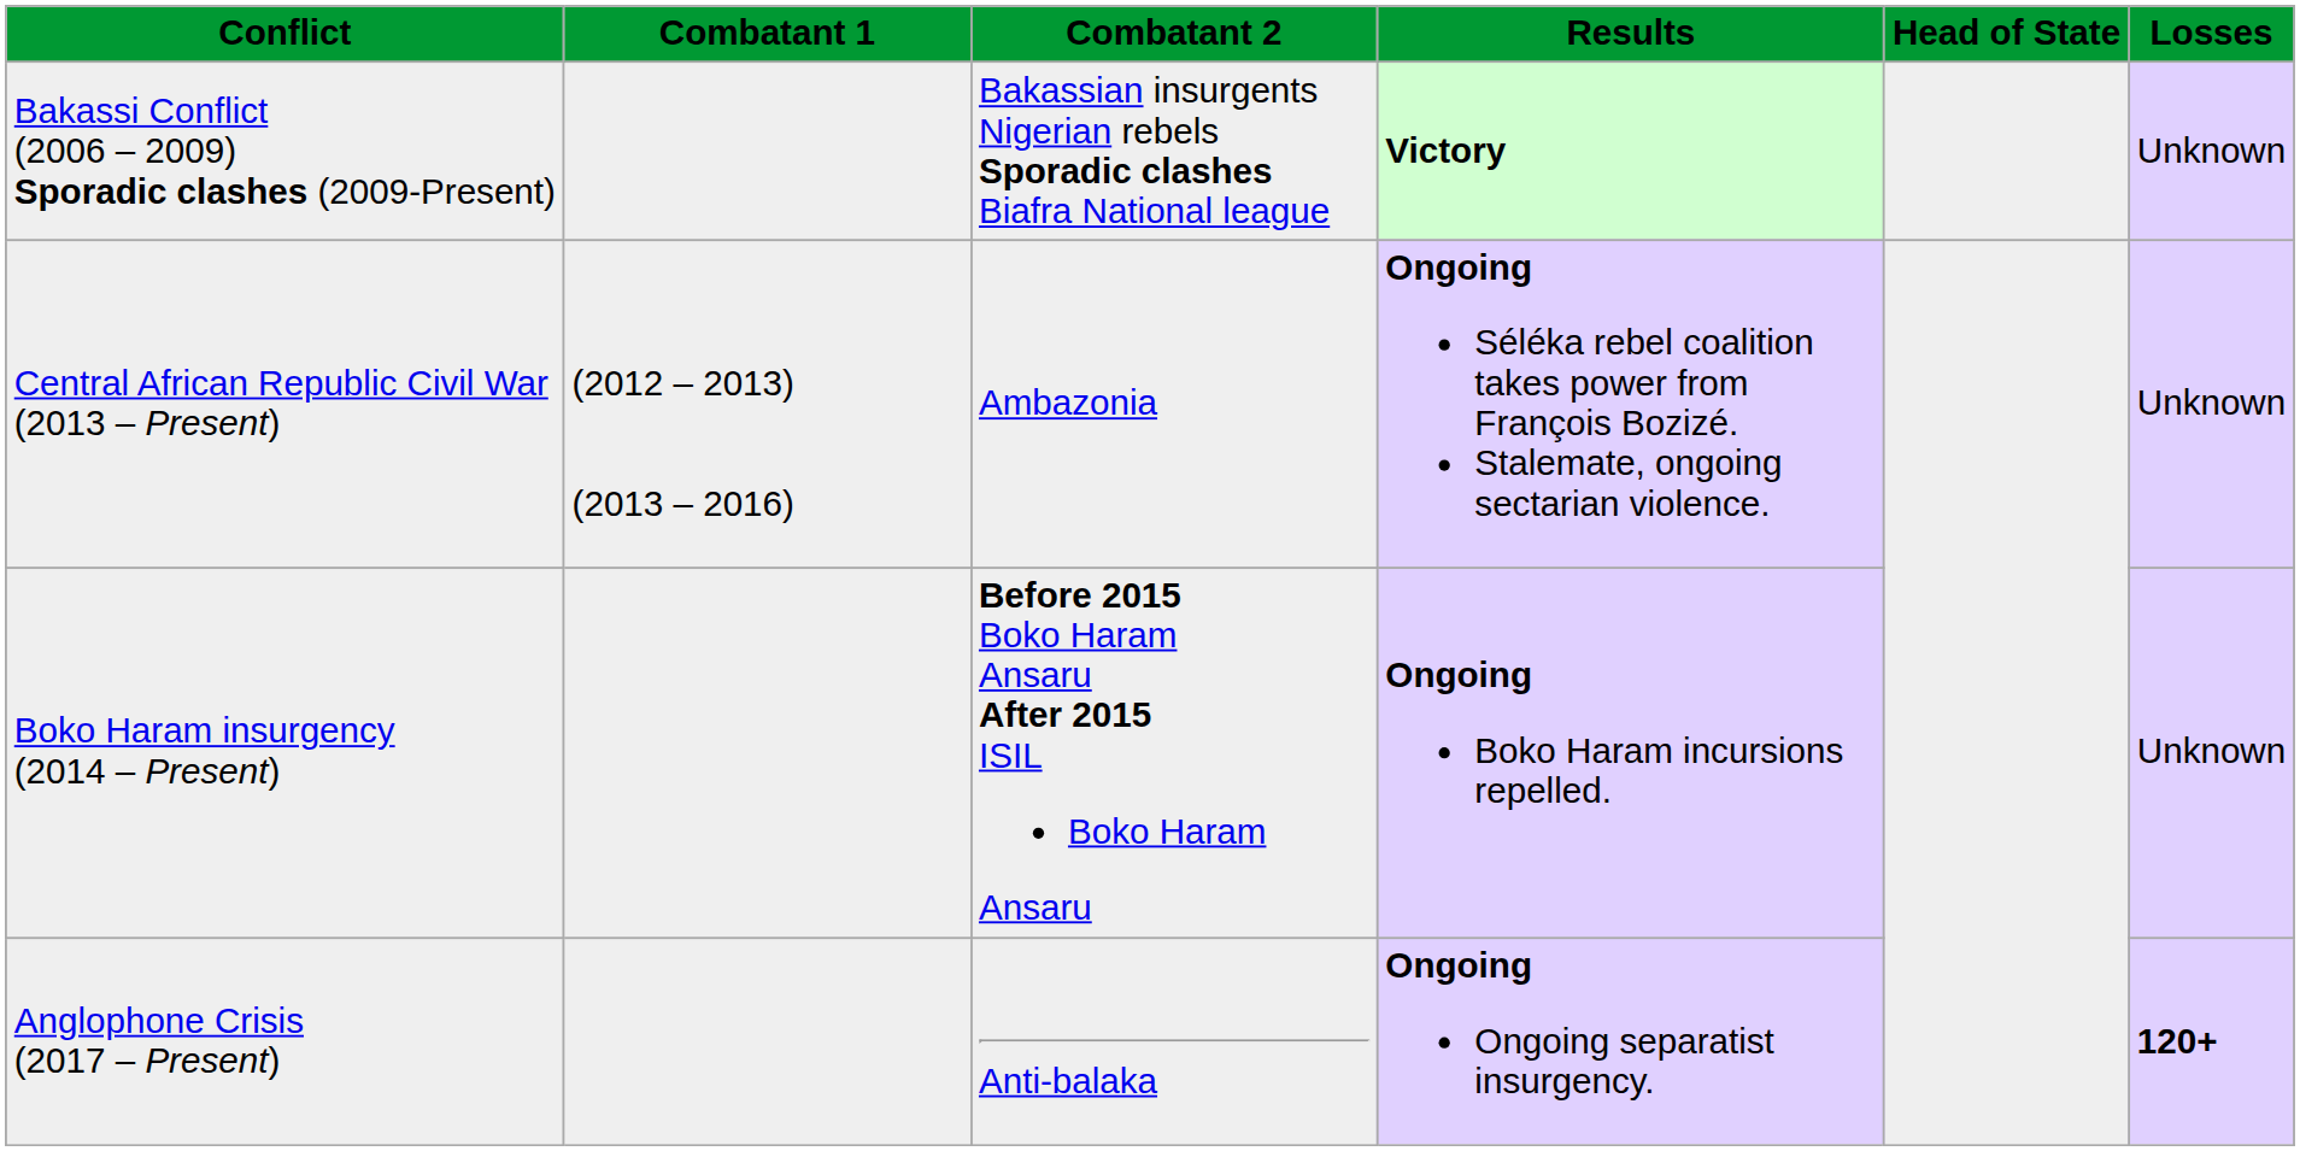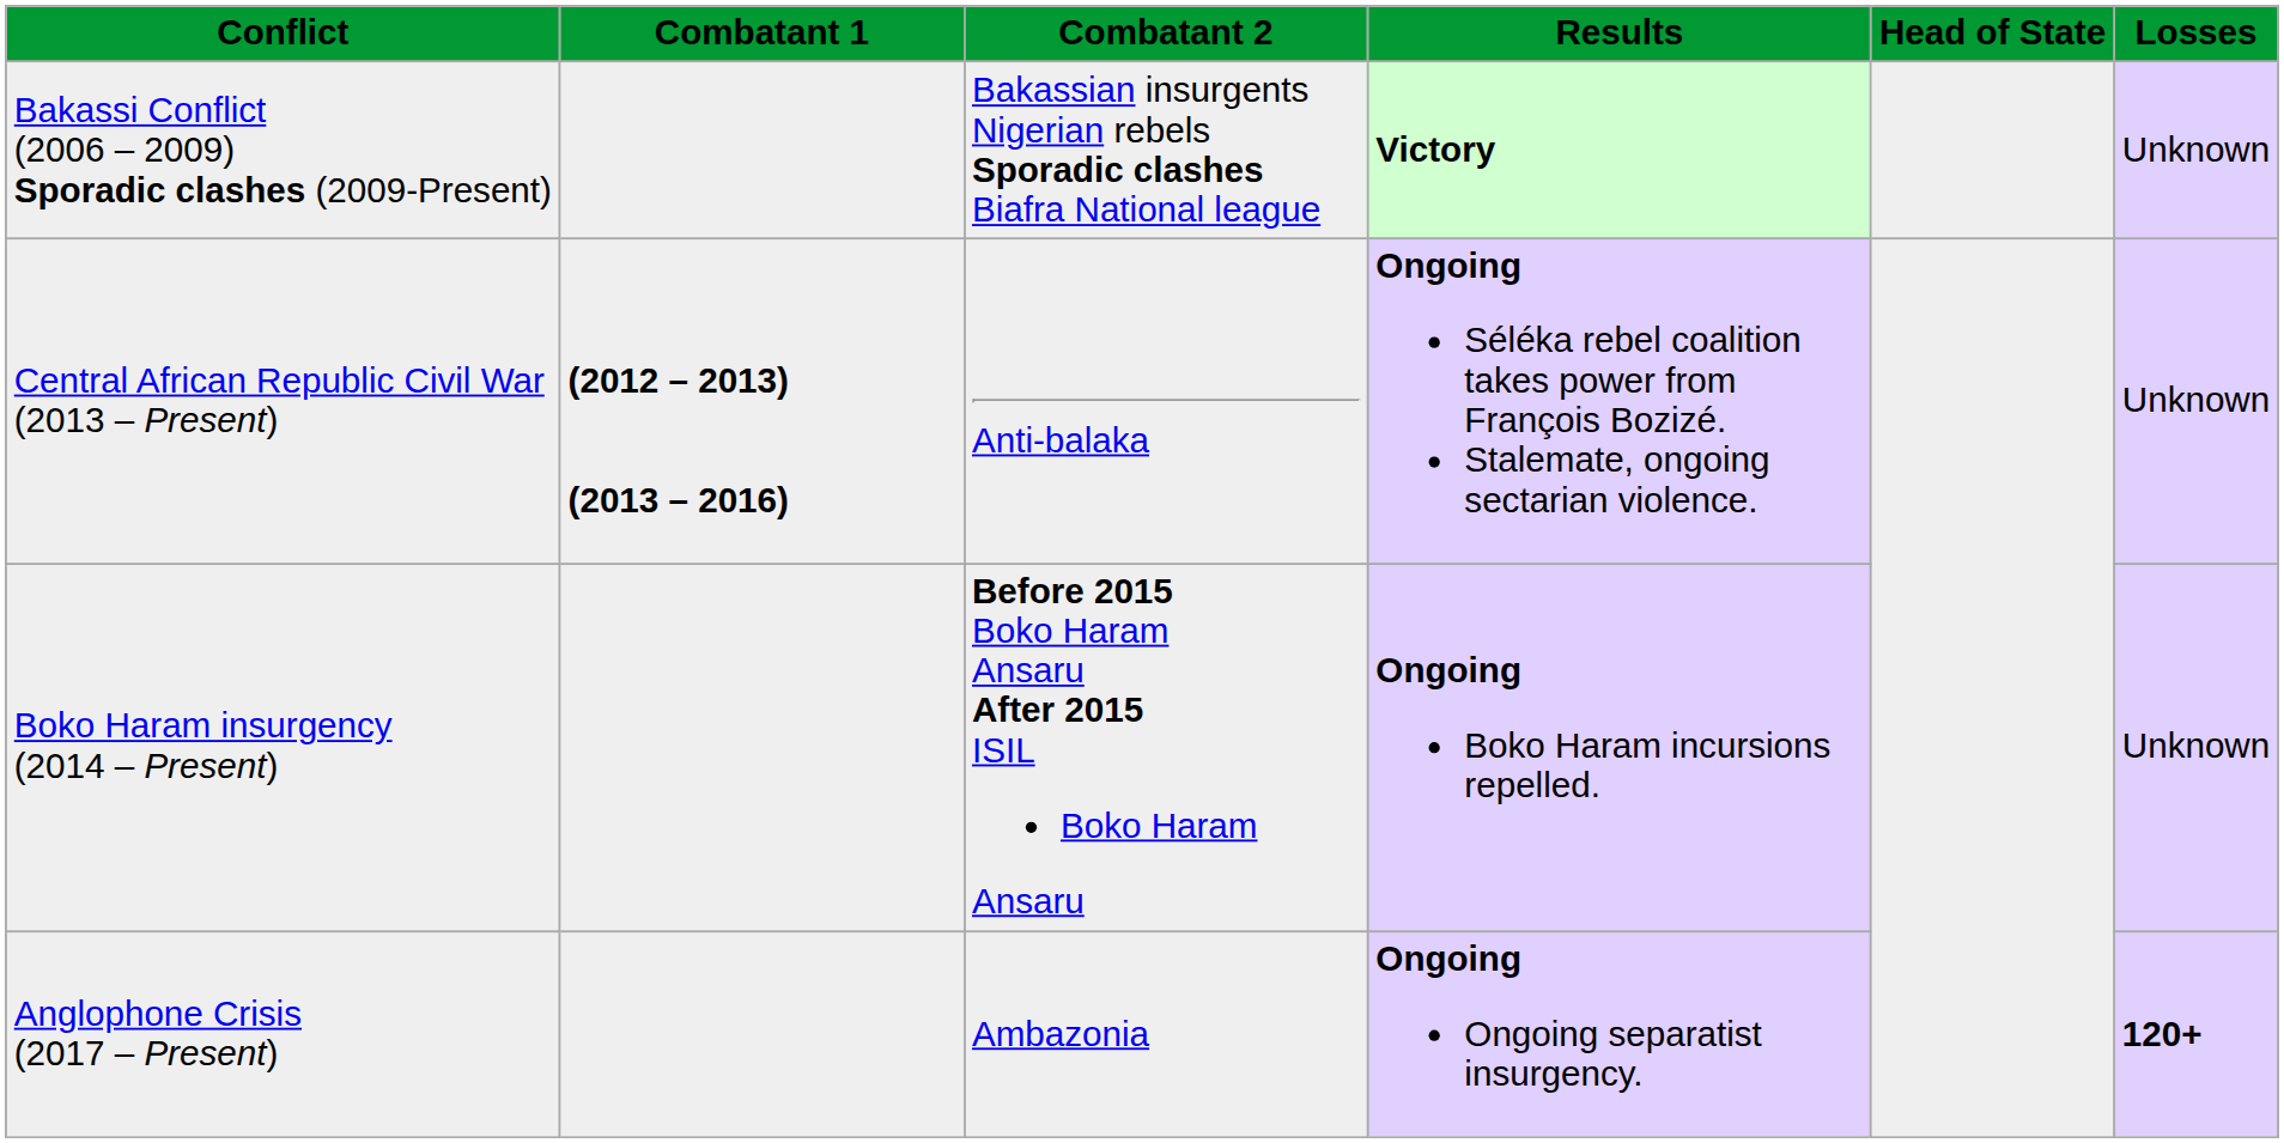 <table class="wikitable">
 <tr>
 <th style="background:#009933" rowspan="1" width=><span>Conflict</span></th>
 <th style="background:#009933" rowspan="1" width=175px><span>Combatant 1</span></th>
 <th style="background:#009933" rowspan="1" width=175px><span>Combatant 2</span></th>
 <th style="background:#009933" rowspan="1" width=220px><span>Results</span></th>
 <th style="background:#009933" rowspan="1" width=><span>Head of State</span></th>
 <th style="background:#009933" rowspan="1" width=><span>Losses</span></th>
 </tr>
 <tr>
 <td style="background:#efefef"><a href='#'>Bakassi Conflict</a><br>(2006 – 2009)<br><strong>Sporadic clashes</strong> (2009-Present)</td>
 <td style="background:#efefef"></td>
 <td style="background:#efefef"> <a href='#'>Bakassian</a> insurgents<br><a href='#'>Nigerian</a> rebels<br><strong>Sporadic clashes</strong><br><a href='#'>Biafra National league</a></td>
 <td style="background:#D0FFD0"><strong>Victory</strong></td>
 <td style="background:#efefef"></td>
 <td style="background:#E0D0FF">Unknown</td>
 </tr>
 <tr>
 <td style="background:#efefef"><a href='#'>Central African Republic Civil War</a><br>(2013 – <em>Present</em>)</td>
-<td style="background:#efefef"><br><br>(2012 – 2013)<br><br><br>(2013 – 2016) </td>
-<td style="background:#efefef"> <a href='#'>Ambazonia</a></td>
+<td style="background:#efefef"><strong><br><br>(2012 – 2013)<br><br><br>(2013 – 2016) </strong></td>
+<td style="background:#efefef"><br> <hr><a href='#'>Anti-balaka</a></td>
 <td style="background:#E0D0FF"><strong>Ongoing</strong><br><ul><li>Séléka rebel coalition takes power from François Bozizé.</li><li>Stalemate, ongoing sectarian violence.</li></ul></td>
 <td style="background:#efefef" rowspan=3></td>
 <td style="background:#E0D0FF">Unknown</td>
 </tr>
 <tr>
 <td style="background:#efefef"><a href='#'>Boko Haram insurgency</a><br>(2014 – <em>Present</em>)</td>
 <td style="background:#efefef"><br></td>
 <td style="background:#efefef"><strong>Before 2015</strong><br> <a href='#'>Boko Haram</a><br> <a href='#'>Ansaru</a><br><strong>After 2015</strong><br> <a href='#'>ISIL</a><ul><li><a href='#'>Boko Haram</a></li></ul> <a href='#'>Ansaru</a></td>
 <td style="background:#E0D0FF"><strong>Ongoing</strong><br><ul><li>Boko Haram incursions repelled.</li></ul></td>
 <td style="background:#E0D0FF">Unknown</td>
 </tr>
 <tr>
 <td style="background:#efefef"><a href='#'>Anglophone Crisis</a><br>(2017 – <em>Present</em>)</td>
 <td style="background:#efefef"></td>
-<td style="background:#efefef"><br> <hr><a href='#'>Anti-balaka</a></td>
+<td style="background:#efefef"> <a href='#'>Ambazonia</a></td>
 <td style="background:#E0D0FF"><strong>Ongoing</strong><br><ul><li>Ongoing separatist insurgency.</li></ul></td>
 <td style="background:#E0D0FF"><strong>120+</strong></td>
 </tr>
 </table>
